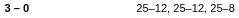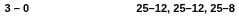 <table width=100% cellspacing=1>
 <tr>
 <th width=20%></th>
 <th width=12%></th>
 <th width=20%></th>
 <th width=33%></th>
 <td></td>
 </tr>
 <tr style=font-size:95%>
 <td align=right><strong></strong></td>
 <td align=center><strong>3 – 0</strong></td>
 <td></td>
-<td>25–12, 25–12, 25–8</td>
+<td><strong>25–12, 25–12, 25–8</strong></td>
 </tr>
 </table>
